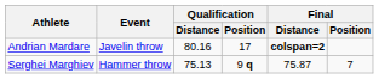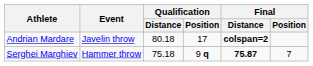 <table class=wikitable style="font-size:90%">
 <tr>
 <th rowspan="2">Athlete</th>
 <th rowspan="2">Event</th>
 <th colspan="2">Qualification</th>
 <th colspan="2">Final</th>
 </tr>
 <tr style="font-size:95%">
 <th>Distance</th>
 <th>Position</th>
 <th>Distance</th>
 <th>Position</th>
 </tr>
 <tr style=text-align:center>
 <td style=text-align:left><a href='#'>Andrian Mardare</a></td>
 <td style=text-align:left><a href='#'>Javelin throw</a></td>
-<td>80.16</td>
+<td>80.18</td>
 <td>17</td>
 <td><strong>colspan=2 </strong></td>
 </tr>
 <tr style=text-align:center>
 <td style=text-align:left><a href='#'>Serghei Marghiev</a></td>
 <td style=text-align:left><a href='#'>Hammer throw</a></td>
-<td>75.13</td>
+<td>75.18</td>
 <td>9 <strong>q</strong></td>
-<td>75.87</td>
+<td><strong>75.87</strong></td>
 <td>7</td>
 </tr>
 </table>
